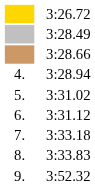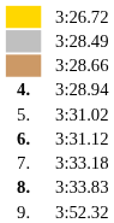 <table style="text-align:center">
 <tr>
 <td width=30 bgcolor=gold></td>
 <td align=left></td>
 <td width=60>3:26.72</td>
 </tr>
 <tr>
 <td bgcolor=silver></td>
 <td align=left></td>
 <td>3:28.49</td>
 </tr>
 <tr>
 <td bgcolor=cc9966></td>
 <td align=left></td>
 <td>3:28.66</td>
 </tr>
 <tr>
-<td>4.</td>
+<td><strong>4.</strong></td>
 <td align=left></td>
 <td>3:28.94</td>
 </tr>
 <tr>
 <td>5.</td>
 <td align=left></td>
 <td>3:31.02</td>
 </tr>
 <tr>
-<td>6.</td>
+<td><strong>6.</strong></td>
 <td align=left></td>
 <td>3:31.12</td>
 </tr>
 <tr>
 <td>7.</td>
 <td align=left></td>
 <td>3:33.18</td>
 </tr>
 <tr>
-<td>8.</td>
+<td><strong>8.</strong></td>
 <td align=left></td>
 <td>3:33.83</td>
 </tr>
 <tr>
 <td>9.</td>
 <td align=left></td>
 <td>3:52.32</td>
 </tr>
 </table>
